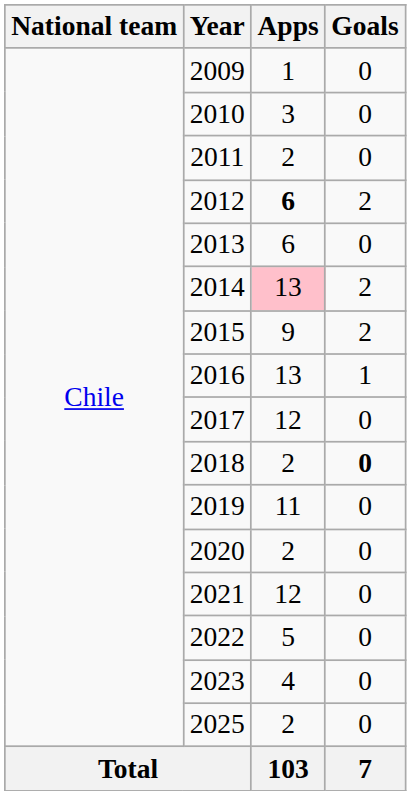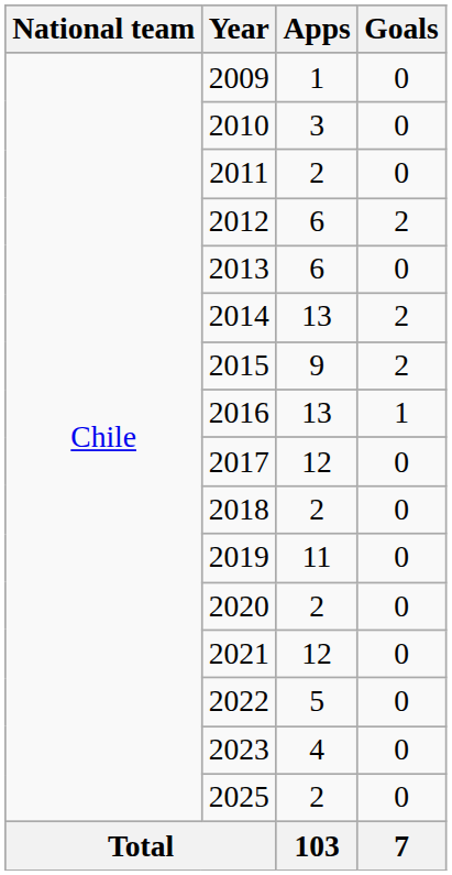 <table class="wikitable" style="text-align:center">
 <tr>
 <th>National team</th>
 <th>Year</th>
 <th>Apps</th>
 <th>Goals</th>
 </tr>
 <tr>
 <td rowspan="16"><a href='#'>Chile</a></td>
 <td>2009</td>
 <td>1</td>
 <td>0</td>
 </tr>
 <tr>
 <td>2010</td>
 <td>3</td>
 <td>0</td>
 </tr>
 <tr>
 <td>2011</td>
 <td>2</td>
 <td>0</td>
 </tr>
 <tr>
 <td>2012</td>
-<td><strong>6</strong></td>
+<td>6</td>
 <td>2</td>
 </tr>
 <tr>
 <td>2013</td>
 <td>6</td>
 <td>0</td>
 </tr>
 <tr>
 <td>2014</td>
-<td style="background: pink;">13</td>
+<td>13</td>
 <td>2</td>
 </tr>
 <tr>
 <td>2015</td>
 <td>9</td>
 <td>2</td>
 </tr>
 <tr>
 <td>2016</td>
 <td>13</td>
 <td>1</td>
 </tr>
 <tr>
 <td>2017</td>
 <td>12</td>
 <td>0</td>
 </tr>
 <tr>
 <td>2018</td>
 <td>2</td>
-<td><strong>0</strong></td>
+<td>0</td>
 </tr>
 <tr>
 <td>2019</td>
 <td>11</td>
 <td>0</td>
 </tr>
 <tr>
 <td>2020</td>
 <td>2</td>
 <td>0</td>
 </tr>
 <tr>
 <td>2021</td>
 <td>12</td>
 <td>0</td>
 </tr>
 <tr>
 <td>2022</td>
 <td>5</td>
 <td>0</td>
 </tr>
 <tr>
 <td>2023</td>
 <td>4</td>
 <td>0</td>
 </tr>
 <tr>
 <td>2025</td>
 <td>2</td>
 <td>0</td>
 </tr>
 <tr>
 <th colspan="2">Total</th>
 <th>103</th>
 <th>7</th>
 </tr>
 </table>
